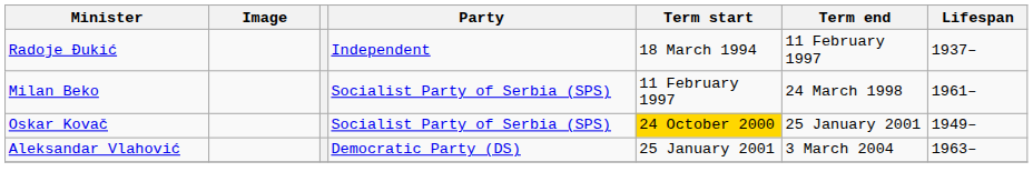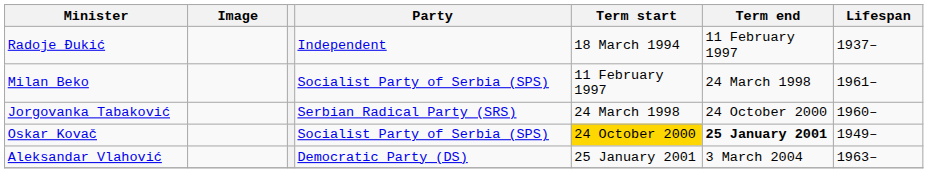 <table class="wikitable" style="text-align: left;">
 <tr>
 <th width="170">Minister</th>
 <th width="90">Image</th>
 <th></th>
 <th width="260">Party</th>
 <th width="120">Term start</th>
 <th width="120">Term end</th>
 <th width="80">Lifespan</th>
 </tr>
 <tr>
 <td><a href='#'>Radoje Đukić</a></td>
 <td></td>
 <th style="background:"></th>
 <td><a href='#'>Independent</a></td>
 <td>18 March 1994</td>
 <td>11 February 1997</td>
 <td>1937–</td>
 </tr>
 <tr>
 <td><a href='#'>Milan Beko</a></td>
 <td></td>
 <th style="background:"></th>
 <td><a href='#'>Socialist Party of Serbia (SPS)</a></td>
 <td>11 February 1997</td>
 <td>24 March 1998</td>
 <td>1961–</td>
 </tr>
 <tr>
+<td><a href='#'>Jorgovanka Tabaković</a></td>
+<td></td>
+<th style="background:"></th>
+<td><a href='#'>Serbian Radical Party (SRS)</a></td>
+<td>24 March 1998</td>
+<td>24 October 2000</td>
+<td>1960–</td>
+</tr>
+<tr>
 <td><a href='#'>Oskar Kovač</a></td>
 <td></td>
 <th style="background:"></th>
 <td><a href='#'>Socialist Party of Serbia (SPS)</a></td>
 <td style="background: gold;">24 October 2000</td>
-<td>25 January 2001</td>
+<td><strong>25 January 2001</strong></td>
 <td>1949–</td>
 </tr>
 <tr>
 <td><a href='#'>Aleksandar Vlahović</a></td>
 <td></td>
 <th style="background:"></th>
 <td><a href='#'>Democratic Party (DS)</a></td>
 <td>25 January 2001</td>
 <td>3 March 2004</td>
 <td>1963–</td>
 </tr>
 <tr>
 </tr>
 </table>
